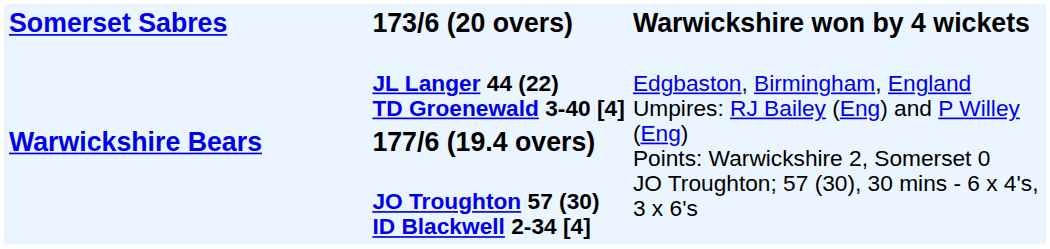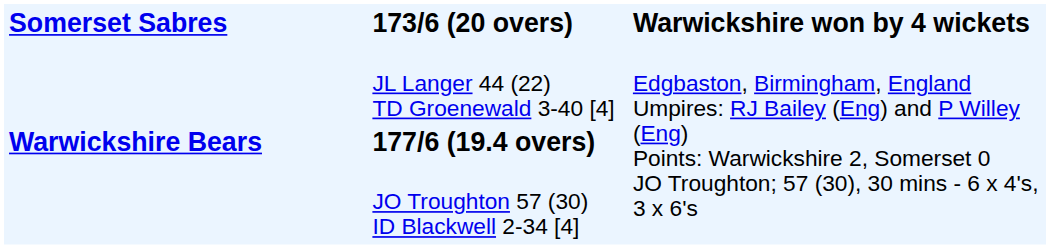 <table style="width:100%; background:#ebf5ff;">
 <tr>
 <td style="width:35%; vertical-align:top;" rowspan="2"><strong><a href='#'>Somerset Sabres</a></strong></td>
 <td style="width:25%;"><strong>173/6 (20 overs)</strong></td>
 <td style="width:40%;"><strong>Warwickshire won by 4 wickets</strong></td>
 </tr>
 <tr>
-<td style="font-size: 85%;"><strong><br><a href='#'>JL Langer</a> 44 (22)<br> <a href='#'>TD Groenewald</a> 3-40 [4]</strong></td>
+<td style="font-size: 85%;"><br><a href='#'>JL Langer</a> 44 (22)<br> <a href='#'>TD Groenewald</a> 3-40 [4]</td>
 <td style="vertical-align:top; font-size:85%;" rowspan="3"><br><a href='#'>Edgbaston</a>, <a href='#'>Birmingham</a>, <a href='#'>England</a><br> Umpires: <a href='#'>RJ Bailey</a> (<a href='#'>Eng</a>) and <a href='#'>P Willey</a> (<a href='#'>Eng</a>)<br> Points: Warwickshire 2, Somerset 0<br>JO Troughton; 57 (30), 30 mins - 6 x 4's, 3 x 6's</td>
 </tr>
 <tr>
 <td style="vertical-align:top;" rowspan="2"><strong><a href='#'>Warwickshire Bears</a></strong></td>
 <td><strong>177/6 (19.4 overs)</strong></td>
 </tr>
 <tr>
-<td style="font-size: 85%;"><strong><br><a href='#'>JO Troughton</a> 57 (30)<br> <a href='#'>ID Blackwell</a> 2-34 [4]</strong></td>
+<td style="font-size: 85%;"><br><a href='#'>JO Troughton</a> 57 (30)<br> <a href='#'>ID Blackwell</a> 2-34 [4]</td>
 </tr>
 </table>
